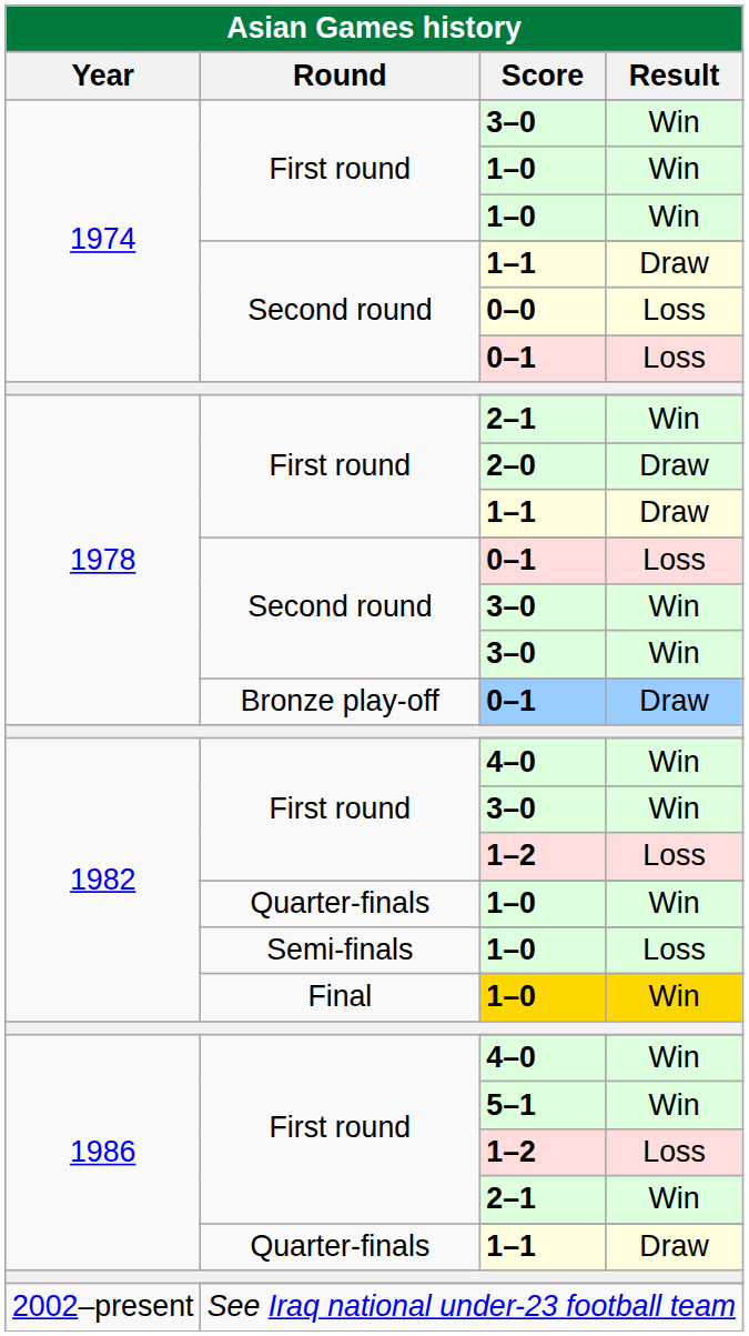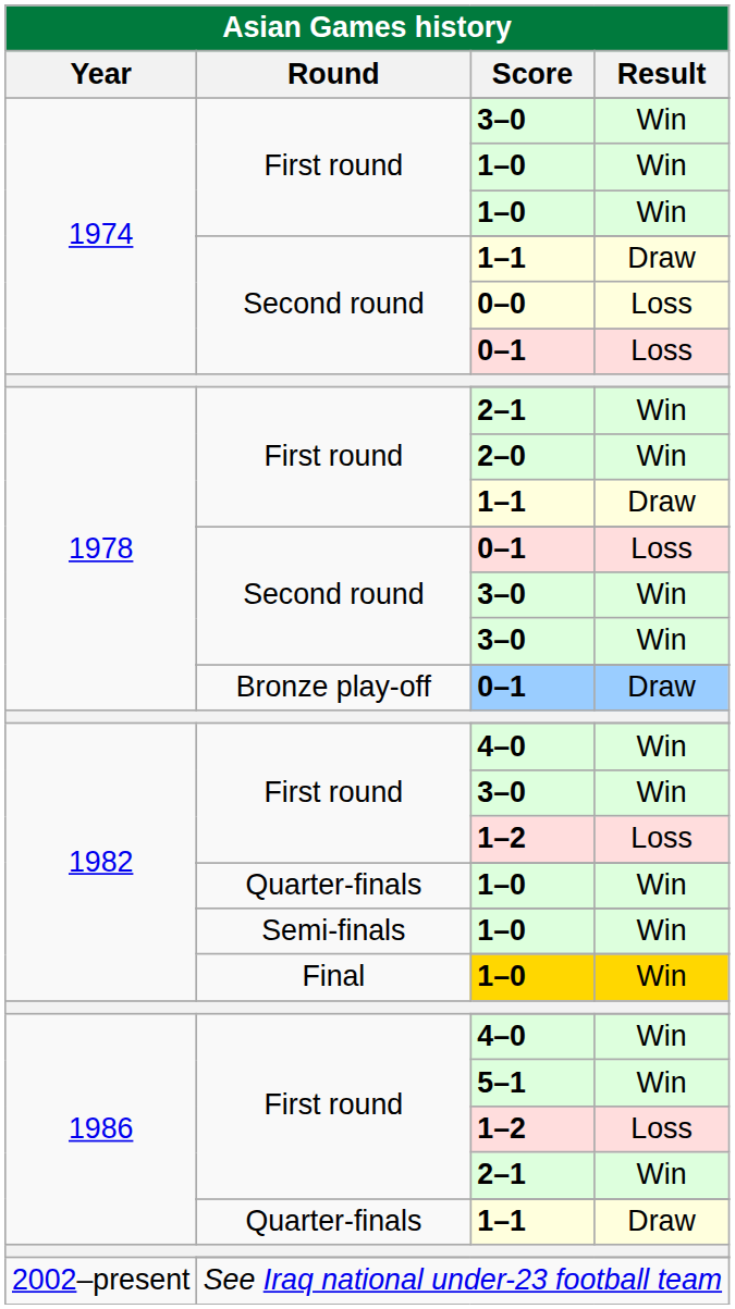 <table class="wikitable sortable mw-collapsible mw-collapsed"  style="text-align:center;">
 <tr>
 <th colspan=4 style="background: #007A3D; color: #FFFFFF;">Asian Games history</th>
 </tr>
 <tr>
 <th>Year</th>
 <th>Round</th>
 <th>Score</th>
 <th>Result</th>
 </tr>
 <tr>
 <td rowspan=8><a href='#'>1974</a></td>
 <td rowspan=4>First round</td>
 </tr>
 <tr bgcolor=#ddffdd>
 <td align="left"> <strong>3–0</strong> </td>
 <td>Win</td>
 </tr>
 <tr bgcolor=#ddffdd>
 <td align="left"> <strong>1–0</strong> </td>
 <td>Win</td>
 </tr>
 <tr bgcolor=#ddffdd>
 <td align="left"> <strong>1–0</strong> </td>
 <td>Win</td>
 </tr>
 <tr>
 <td rowspan=4>Second round</td>
 </tr>
 <tr bgcolor=#ffffdd>
 <td align="left"> <strong>1–1</strong> </td>
 <td>Draw</td>
 </tr>
 <tr bgcolor=#ffffdd>
 <td align="left"> <strong>0–0</strong> </td>
 <td>Loss</td>
 </tr>
 <tr bgcolor=#ffdddd>
 <td align="left"> <strong>0–1</strong> </td>
 <td>Loss</td>
 </tr>
 <tr>
 <th colspan="4"></th>
 </tr>
 <tr>
 <td rowspan=10><a href='#'>1978</a></td>
 <td rowspan=4>First round</td>
 </tr>
 <tr bgcolor=#ddffdd>
 <td align="left"> <strong>2–1</strong> </td>
 <td>Win</td>
 </tr>
 <tr bgcolor=#ddffdd>
 <td align="left"> <strong>2–0</strong> </td>
-<td>Draw</td>
+<td>Win</td>
 </tr>
 <tr bgcolor=#ffffdd>
 <td align="left"> <strong>1–1</strong> </td>
 <td>Draw</td>
 </tr>
 <tr>
 <td rowspan=4>Second round</td>
 </tr>
 <tr bgcolor=#ffdddd>
 <td align="left"> <strong>0–1</strong> </td>
 <td>Loss</td>
 </tr>
 <tr bgcolor=#ddffdd>
 <td align="left"> <strong>3–0</strong> </td>
 <td>Win</td>
 </tr>
 <tr bgcolor=#ddffdd>
 <td align="left"> <strong>3–0</strong> </td>
 <td>Win</td>
 </tr>
 <tr>
 <td rowspan=2>Bronze play-off</td>
 </tr>
 <tr style="background:#9ACDFF;">
 <td align="left"> <strong>0–1</strong> </td>
 <td>Draw</td>
 </tr>
 <tr>
 <th colspan="4"></th>
 </tr>
 <tr>
 <td rowspan=10><a href='#'>1982</a></td>
 <td rowspan=4>First round</td>
 </tr>
 <tr bgcolor=#ddffdd>
 <td align="left"> <strong>4–0</strong> </td>
 <td>Win</td>
 </tr>
 <tr bgcolor=#ddffdd>
 <td align="left"> <strong>3–0</strong> </td>
 <td>Win</td>
 </tr>
 <tr bgcolor=#ffdddd>
 <td align="left"> <strong>1–2</strong> </td>
 <td>Loss</td>
 </tr>
 <tr>
 <td rowspan=2>Quarter-finals</td>
 </tr>
 <tr bgcolor=#ddffdd>
 <td align="left"> <strong>1–0 </strong> </td>
 <td>Win</td>
 </tr>
 <tr>
 <td rowspan=2>Semi-finals</td>
 </tr>
 <tr bgcolor=#ddffdd>
 <td align="left"> <strong>1–0</strong> </td>
-<td>Loss</td>
+<td>Win</td>
 </tr>
 <tr>
 <td rowspan=2>Final</td>
 </tr>
 <tr style="background:gold">
 <td align="left"> <strong>1–0</strong> </td>
 <td>Win</td>
 </tr>
 <tr>
 <th colspan="4"></th>
 </tr>
 <tr>
 <td rowspan=7><a href='#'>1986</a></td>
 <td rowspan=5>First round</td>
 </tr>
 <tr bgcolor=#ddffdd>
 <td align="left"> <strong>4–0</strong> </td>
 <td>Win</td>
 </tr>
 <tr bgcolor=#ddffdd>
 <td align="left"> <strong>5–1</strong> </td>
 <td>Win</td>
 </tr>
 <tr bgcolor=#ffdddd>
 <td align="left"> <strong>1–2</strong> </td>
 <td>Loss</td>
 </tr>
 <tr bgcolor=#ddffdd>
 <td align="left"> <strong>2–1</strong> </td>
 <td>Win</td>
 </tr>
 <tr>
 <td rowspan=2>Quarter-finals</td>
 </tr>
 <tr bgcolor=#ffffdd>
 <td align="left"> <strong>1–1  </strong> </td>
 <td>Draw</td>
 </tr>
 <tr>
 <th colspan="4"></th>
 </tr>
 <tr>
 <td rowspan=2><a href='#'>2002</a>–present</td>
 </tr>
 <tr>
 <td colspan="3"><em>See <a href='#'>Iraq national under-23 football team</a></em></td>
 </tr>
 </table>
